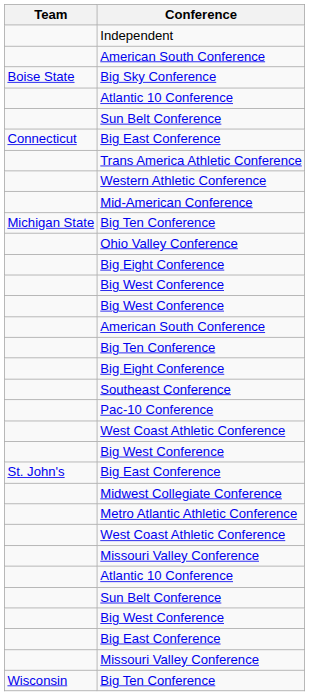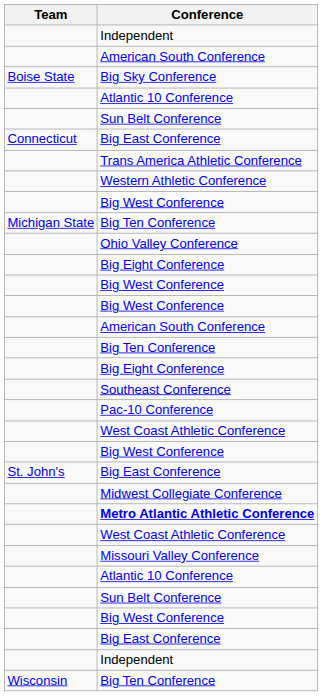 <table class="wikitable sortable" style="text-align: center;">
 <tr>
 <th>Team</th>
 <th>Conference</th>
 </tr>
 <tr>
 <td align=left></td>
 <td align=left>Independent</td>
 </tr>
 <tr>
 <td align=left></td>
 <td align=left><a href='#'>American South Conference</a></td>
 </tr>
 <tr>
 <td align=left><a href='#'>Boise State</a></td>
 <td align=left><a href='#'>Big Sky Conference</a></td>
 </tr>
 <tr>
 <td align=left></td>
 <td align=left><a href='#'>Atlantic 10 Conference</a></td>
 </tr>
 <tr>
 <td align=left></td>
 <td align=left><a href='#'>Sun Belt Conference</a></td>
 </tr>
 <tr>
 <td align=left><a href='#'>Connecticut</a></td>
 <td align=left><a href='#'>Big East Conference</a></td>
 </tr>
 <tr>
 <td align=left></td>
 <td align=left><a href='#'>Trans America Athletic Conference</a></td>
 </tr>
 <tr>
 <td align=left></td>
 <td align=left><a href='#'>Western Athletic Conference</a></td>
 </tr>
 <tr>
 <td align=left></td>
-<td align=left><a href='#'>Mid-American Conference</a></td>
+<td align=left><a href='#'>Big West Conference</a></td>
 </tr>
 <tr>
 <td align=left><a href='#'>Michigan State</a></td>
 <td align=left><a href='#'>Big Ten Conference</a></td>
 </tr>
 <tr>
 <td align=left></td>
 <td align=left><a href='#'>Ohio Valley Conference</a></td>
 </tr>
 <tr>
 <td align=left></td>
 <td align=left><a href='#'>Big Eight Conference</a></td>
 </tr>
 <tr>
 <td align=left></td>
 <td align=left><a href='#'>Big West Conference</a></td>
 </tr>
 <tr>
 <td align=left></td>
 <td align=left><a href='#'>Big West Conference</a></td>
 </tr>
 <tr>
 <td align=left></td>
 <td align=left><a href='#'>American South Conference</a></td>
 </tr>
 <tr>
 <td align=left></td>
 <td align=left><a href='#'>Big Ten Conference</a></td>
 </tr>
 <tr>
 <td align=left></td>
 <td align=left><a href='#'>Big Eight Conference</a></td>
 </tr>
 <tr>
 <td align=left></td>
 <td align=left><a href='#'>Southeast Conference</a></td>
 </tr>
 <tr>
 <td align=left></td>
 <td align=left><a href='#'>Pac-10 Conference</a></td>
 </tr>
 <tr>
 <td align=left></td>
 <td align=left><a href='#'>West Coast Athletic Conference</a></td>
 </tr>
 <tr>
 <td align=left></td>
 <td align=left><a href='#'>Big West Conference</a></td>
 </tr>
 <tr>
 <td align=left><a href='#'>St. John's</a></td>
 <td align=left><a href='#'>Big East Conference</a></td>
 </tr>
 <tr>
 <td align=left></td>
 <td align=left><a href='#'>Midwest Collegiate Conference</a></td>
 </tr>
 <tr>
 <td align=left></td>
-<td align=left><a href='#'>Metro Atlantic Athletic Conference</a></td>
+<td align=left><strong><a href='#'>Metro Atlantic Athletic Conference</a></strong></td>
 </tr>
 <tr>
 <td align=left></td>
 <td align=left><a href='#'>West Coast Athletic Conference</a></td>
 </tr>
 <tr>
 <td align=left></td>
 <td align=left><a href='#'>Missouri Valley Conference</a></td>
 </tr>
 <tr>
 <td align=left></td>
 <td align=left><a href='#'>Atlantic 10 Conference</a></td>
 </tr>
 <tr>
 <td align=left></td>
 <td align=left><a href='#'>Sun Belt Conference</a></td>
 </tr>
 <tr>
 <td align=left></td>
 <td align=left><a href='#'>Big West Conference</a></td>
 </tr>
 <tr>
 <td align=left></td>
 <td align=left><a href='#'>Big East Conference</a></td>
 </tr>
 <tr>
 <td align=left></td>
-<td align=left><a href='#'>Missouri Valley Conference</a></td>
+<td align=left>Independent</td>
 </tr>
 <tr>
 <td align=left><a href='#'>Wisconsin</a></td>
 <td align=left><a href='#'>Big Ten Conference</a></td>
 </tr>
 </table>
